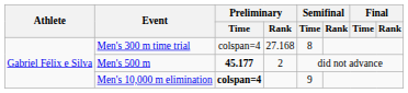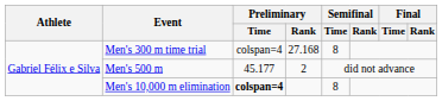 <table class=wikitable style=font-size:90%;text-align:center>
 <tr>
 <th rowspan=2>Athlete</th>
 <th rowspan=2>Event</th>
 <th colspan=2>Preliminary</th>
 <th colspan=2>Semifinal</th>
 <th colspan=2>Final</th>
 </tr>
 <tr style=font-size:95%>
 <th>Time</th>
 <th>Rank</th>
 <th>Time</th>
 <th>Rank</th>
 <th>Time</th>
 <th>Rank</th>
 </tr>
 <tr>
 <td align=left rowspan=3><a href='#'>Gabriel Félix e Silva</a></td>
 <td align=left><a href='#'>Men's 300 m time trial</a></td>
 <td>colspan=4 </td>
 <td>27.168</td>
 <td>8</td>
 </tr>
 <tr>
 <td align=left><a href='#'>Men's 500 m</a></td>
-<td><strong>45.177</strong></td>
+<td>45.177</td>
 <td>2</td>
 <td colspan=4>did not advance</td>
 </tr>
 <tr>
 <td align=left><a href='#'>Men's 10,000 m elimination</a></td>
 <td><strong>colspan=4 </strong></td>
 <td></td>
-<td>9</td>
+<td>8</td>
 </tr>
 </table>
